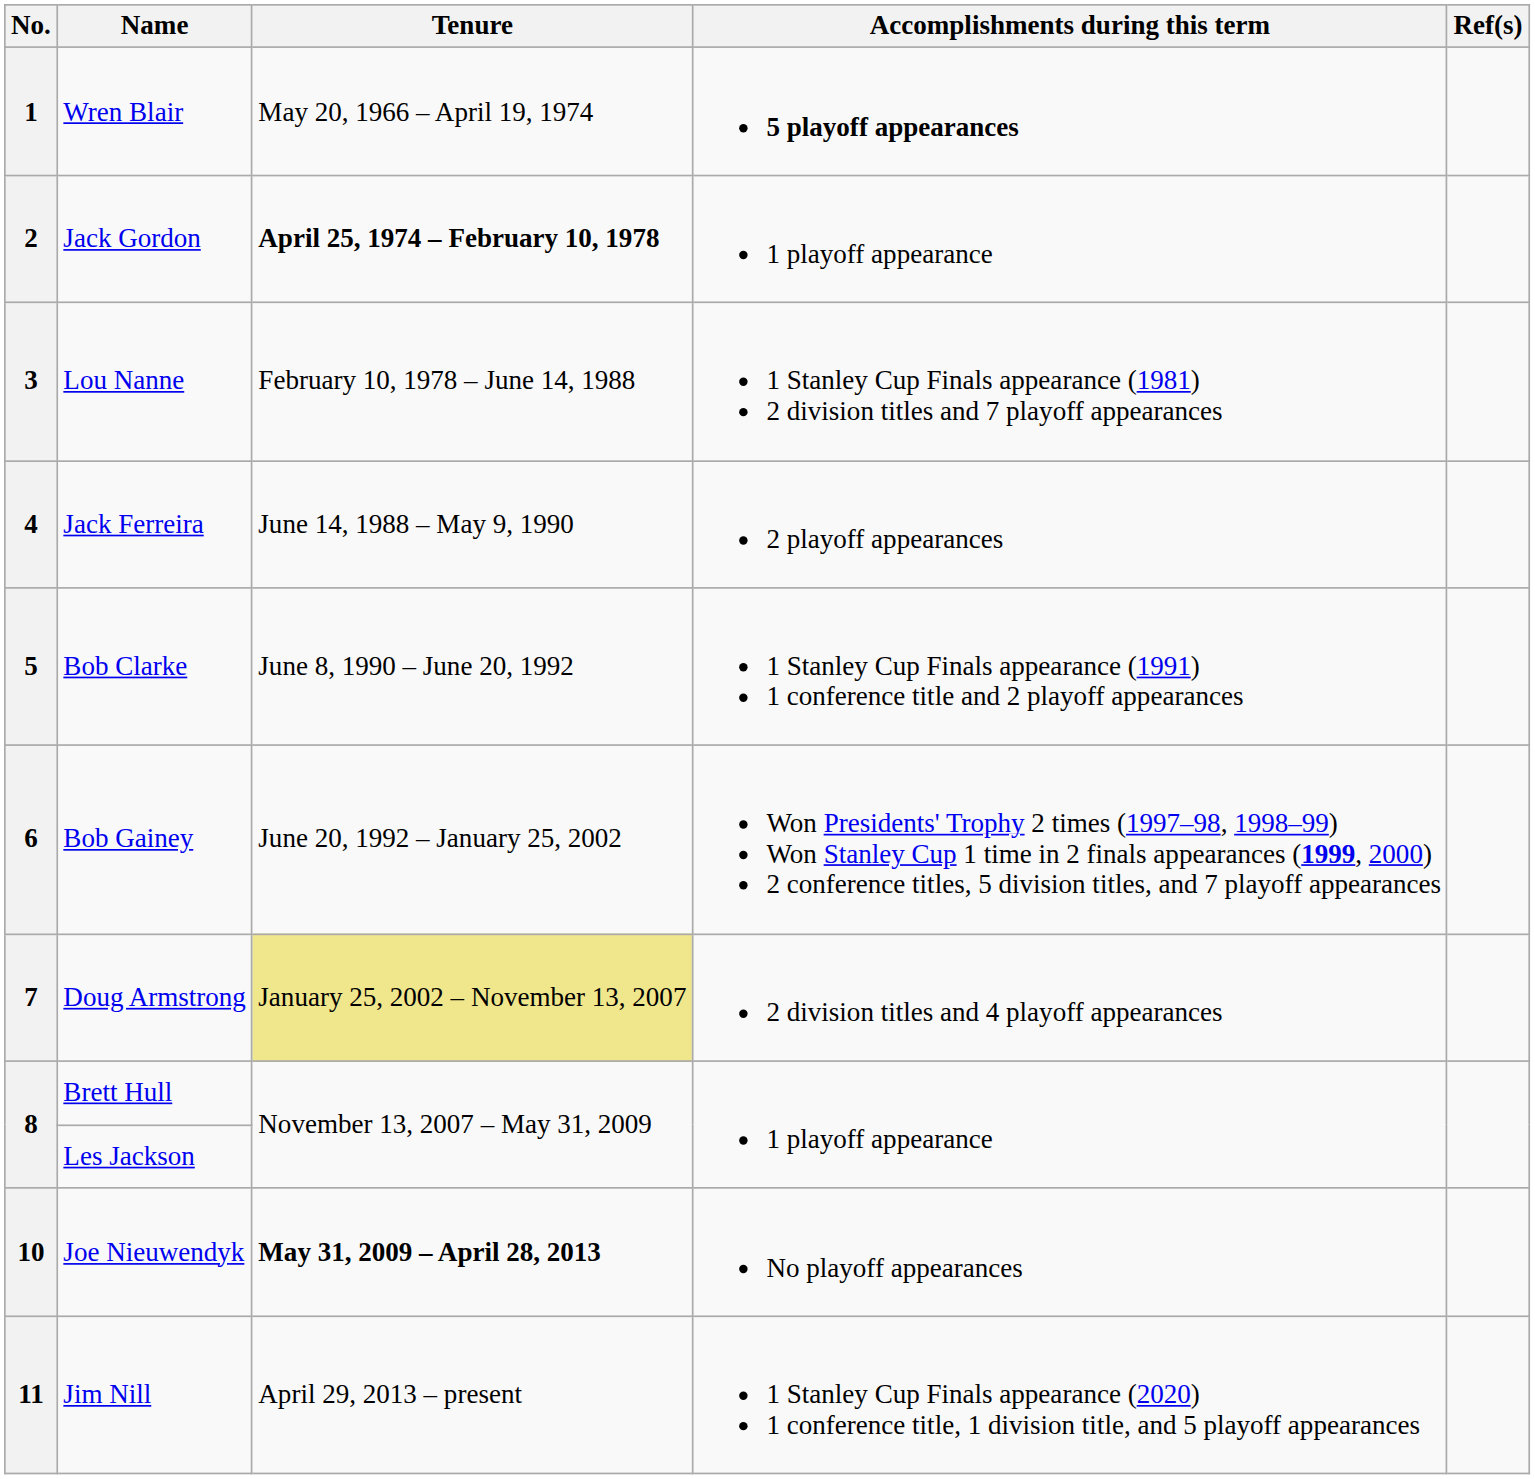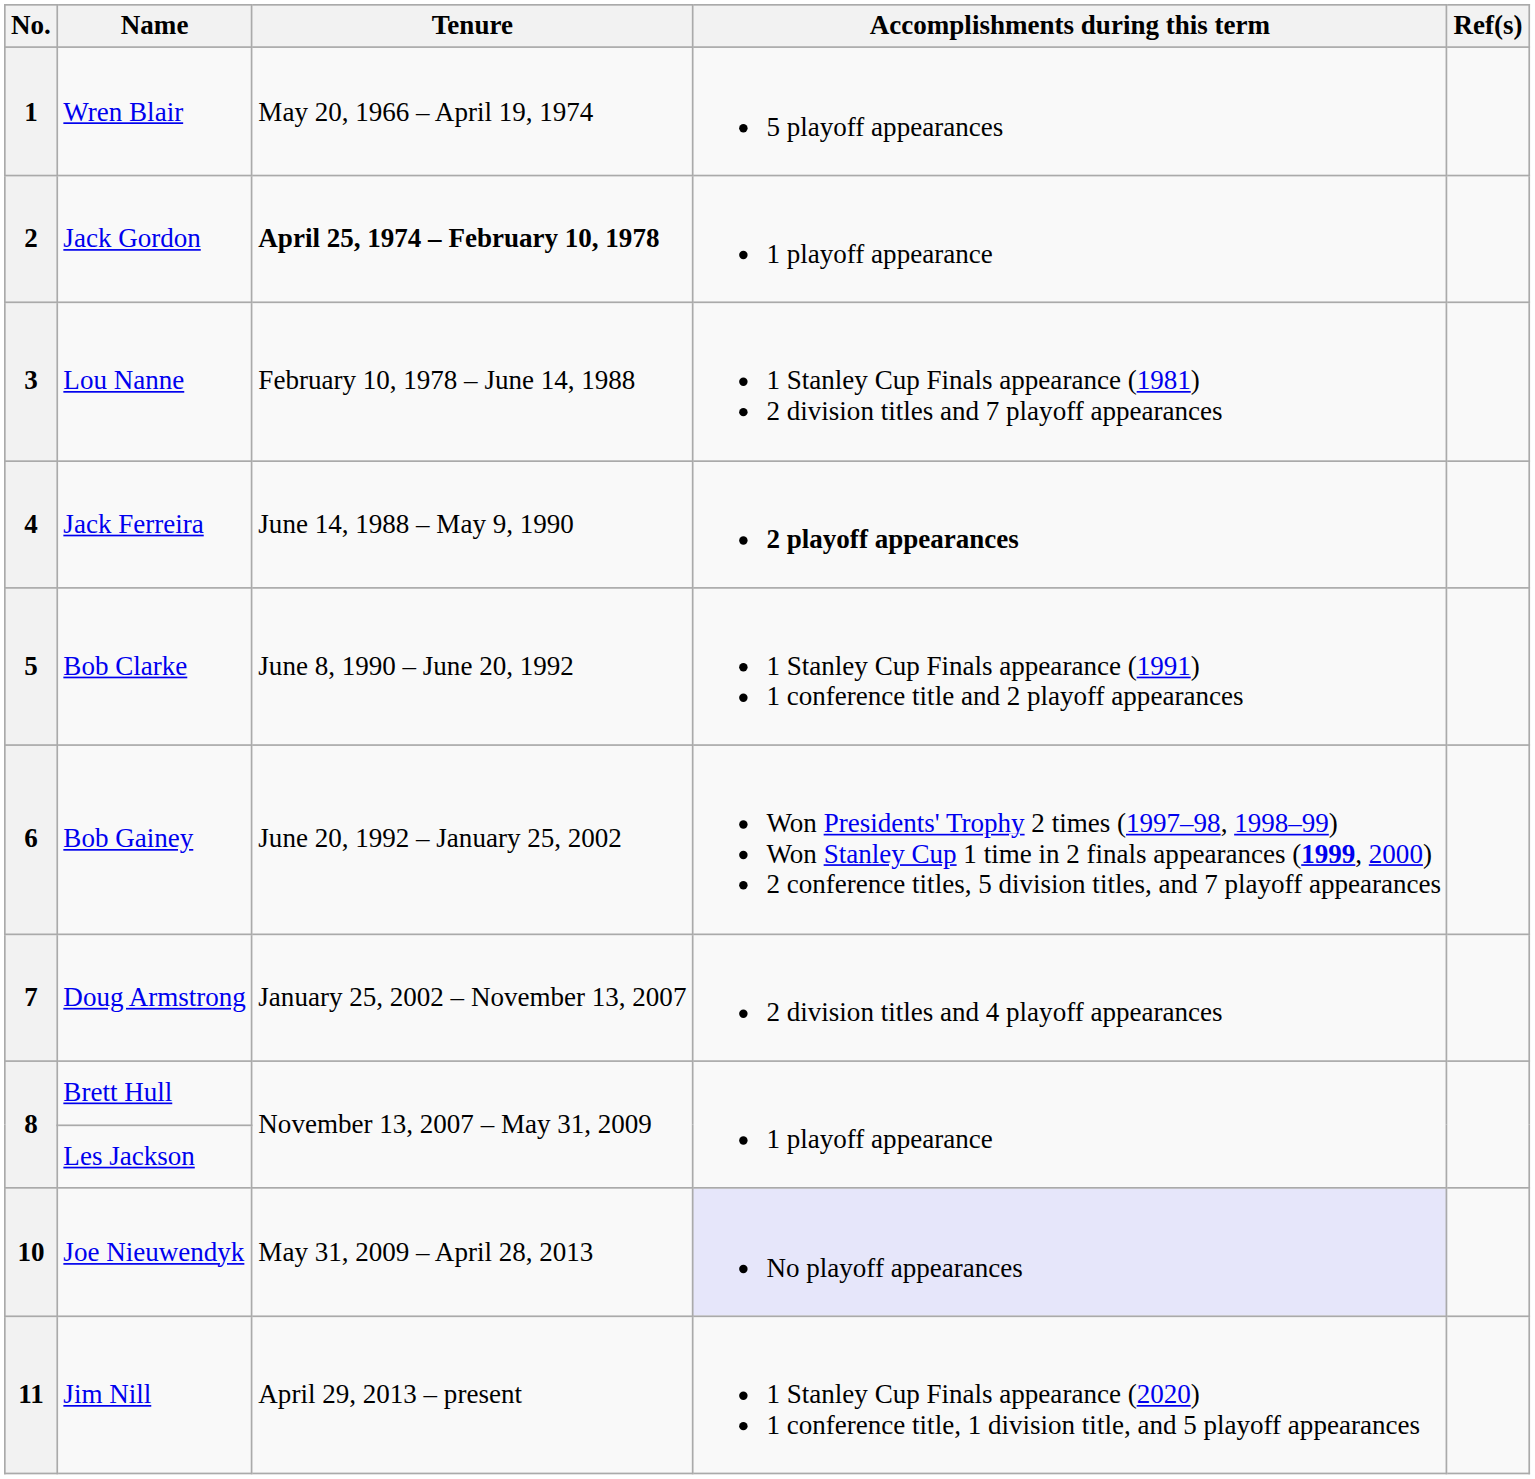 <table class="wikitable">
 <tr>
 <th scope="col">No.</th>
 <th scope="col">Name</th>
 <th scope="col">Tenure</th>
 <th scope="col">Accomplishments during this term</th>
 <th scope="col">Ref(s)</th>
 </tr>
 <tr>
 <th scope="row">1</th>
 <td><a href='#'>Wren Blair</a></td>
 <td>May 20, 1966 – April 19, 1974</td>
-<td><strong><br><ul><li>5 playoff appearances</li></ul></strong></td>
+<td><br><ul><li>5 playoff appearances</li></ul></td>
 <td></td>
 </tr>
 <tr>
 <th scope="row">2</th>
 <td><a href='#'>Jack Gordon</a></td>
 <td><strong>April 25, 1974 – February 10, 1978</strong></td>
 <td><br><ul><li>1 playoff appearance</li></ul></td>
 <td></td>
 </tr>
 <tr>
 <th scope="row">3</th>
 <td><a href='#'>Lou Nanne</a></td>
 <td>February 10, 1978 – June 14, 1988</td>
 <td><br><ul><li>1 Stanley Cup Finals appearance (<a href='#'>1981</a>)</li><li>2 division titles and 7 playoff appearances</li></ul></td>
 <td></td>
 </tr>
 <tr>
 <th scope="row">4</th>
 <td><a href='#'>Jack Ferreira</a></td>
 <td>June 14, 1988 – May 9, 1990</td>
-<td><br><ul><li>2 playoff appearances</li></ul></td>
+<td><strong><br><ul><li>2 playoff appearances</li></ul></strong></td>
 <td></td>
 </tr>
 <tr>
 <th scope="row">5</th>
 <td><a href='#'>Bob Clarke</a></td>
 <td>June 8, 1990 – June 20, 1992</td>
 <td><br><ul><li>1 Stanley Cup Finals appearance (<a href='#'>1991</a>)</li><li>1 conference title and 2 playoff appearances</li></ul></td>
 <td></td>
 </tr>
 <tr>
 <th scope="row">6</th>
 <td><a href='#'>Bob Gainey</a></td>
 <td>June 20, 1992 – January 25, 2002</td>
 <td><br><ul><li>Won <a href='#'>Presidents' Trophy</a> 2 times (<a href='#'>1997–98</a>, <a href='#'>1998–99</a>)</li><li>Won <a href='#'>Stanley Cup</a> 1 time in 2 finals appearances (<strong><a href='#'>1999</a></strong>, <a href='#'>2000</a>)</li><li>2 conference titles, 5 division titles, and 7 playoff appearances</li></ul></td>
 <td></td>
 </tr>
 <tr>
 <th scope="row">7</th>
 <td><a href='#'>Doug Armstrong</a></td>
-<td style="background: khaki;">January 25, 2002 – November 13, 2007</td>
+<td>January 25, 2002 – November 13, 2007</td>
 <td><br><ul><li>2 division titles and 4 playoff appearances</li></ul></td>
 <td></td>
 </tr>
 <tr>
 <th scope="row" rowspan="2">8</th>
 <td><a href='#'>Brett Hull</a></td>
 <td rowspan="2">November 13, 2007 – May 31, 2009</td>
 <td rowspan="2"><br><ul><li>1 playoff appearance</li></ul></td>
 <td rowspan="2"></td>
 </tr>
 <tr>
 <td><a href='#'>Les Jackson</a></td>
 </tr>
 <tr>
 <th scope="row">10</th>
 <td><a href='#'>Joe Nieuwendyk</a></td>
-<td><strong>May 31, 2009 – April 28, 2013</strong></td>
-<td><br><ul><li>No playoff appearances</li></ul></td>
+<td>May 31, 2009 – April 28, 2013</td>
+<td style="background: lavender;"><br><ul><li>No playoff appearances</li></ul></td>
 <td></td>
 </tr>
 <tr>
 <th scope="row">11</th>
 <td><a href='#'>Jim Nill</a></td>
 <td>April 29, 2013 – present</td>
 <td><br><ul><li>1 Stanley Cup Finals appearance (<a href='#'>2020</a>)</li><li>1 conference title, 1 division title, and 5 playoff appearances</li></ul></td>
 <td></td>
 </tr>
 </table>
